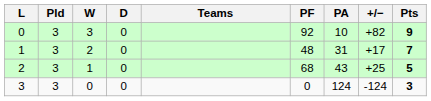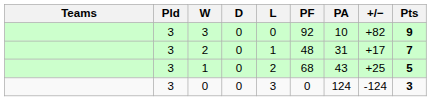 <table class="wikitable" style="text-align: center;">
 <tr>
-<th width="40">L</th>
+<th width="200">Teams</th>
 <th width="40">Pld</th>
 <th width="40">W</th>
 <th width="40">D</th>
-<th width="200">Teams</th>
+<th width="40">L</th>
 <th width="40">PF</th>
 <th width="40">PA</th>
 <th width="40">+/−</th>
 <th width="40">Pts</th>
 </tr>
 <tr bgcolor=#ccffcc>
-<td>0</td>
+<td align=left></td>
 <td>3</td>
 <td>3</td>
 <td>0</td>
-<td align=left></td>
+<td>0</td>
 <td>92</td>
 <td>10</td>
 <td>+82</td>
 <td><strong>9</strong></td>
 </tr>
 <tr bgcolor=#ccffcc>
-<td>1</td>
+<td align=left></td>
 <td>3</td>
 <td>2</td>
 <td>0</td>
-<td align=left></td>
+<td>1</td>
 <td>48</td>
 <td>31</td>
 <td>+17</td>
 <td><strong>7</strong></td>
 </tr>
 <tr bgcolor=#ccffcc>
-<td>2</td>
+<td align=left></td>
 <td>3</td>
 <td>1</td>
 <td>0</td>
-<td align=left></td>
+<td>2</td>
 <td>68</td>
 <td>43</td>
 <td>+25</td>
 <td><strong>5</strong></td>
 </tr>
 <tr>
-<td>3</td>
+<td align=left></td>
 <td>3</td>
 <td>0</td>
 <td>0</td>
-<td align=left></td>
+<td>3</td>
 <td>0</td>
 <td>124</td>
 <td>-124</td>
 <td><strong>3</strong></td>
 </tr>
 </table>
